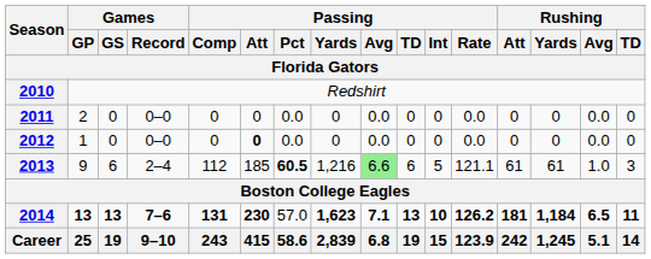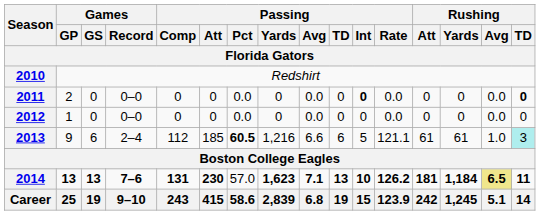 <table class="wikitable" style="text-align:center;">
 <tr>
 <th rowspan="2">Season</th>
 <th colspan="3">Games</th>
 <th colspan="8">Passing</th>
 <th colspan="5">Rushing</th>
 </tr>
 <tr>
 <th>GP</th>
 <th>GS</th>
 <th>Record</th>
 <th>Comp</th>
 <th>Att</th>
 <th>Pct</th>
 <th>Yards</th>
 <th>Avg</th>
 <th>TD</th>
 <th>Int</th>
 <th>Rate</th>
 <th>Att</th>
 <th>Yards</th>
 <th>Avg</th>
 <th>TD</th>
 </tr>
 <tr>
 <th colspan="17">Florida Gators</th>
 </tr>
 <tr>
 <th><a href='#'>2010</a></th>
 <td colspan="15"><em>Redshirt </em></td>
 </tr>
 <tr>
 <th><a href='#'>2011</a></th>
 <td>2</td>
 <td>0</td>
 <td>0–0</td>
 <td>0</td>
 <td>0</td>
 <td>0.0</td>
 <td>0</td>
 <td>0.0</td>
 <td>0</td>
-<td>0</td>
+<td><strong>0</strong></td>
 <td>0.0</td>
 <td>0</td>
 <td>0</td>
 <td>0.0</td>
-<td>0</td>
+<td><strong>0</strong></td>
 </tr>
 <tr>
 <th><a href='#'>2012</a></th>
 <td>1</td>
 <td>0</td>
 <td>0–0</td>
 <td>0</td>
-<td><strong>0</strong></td>
+<td>0</td>
 <td>0.0</td>
 <td>0</td>
 <td>0.0</td>
 <td>0</td>
 <td>0</td>
 <td>0.0</td>
 <td>0</td>
 <td>0</td>
 <td>0.0</td>
 <td>0</td>
 </tr>
 <tr>
 <th><a href='#'>2013</a></th>
 <td>9</td>
 <td>6</td>
 <td>2–4</td>
 <td>112</td>
 <td>185</td>
 <td><strong>60.5</strong></td>
 <td>1,216</td>
-<td style="background: lightgreen;">6.6</td>
+<td>6.6</td>
 <td>6</td>
 <td>5</td>
 <td>121.1</td>
 <td>61</td>
 <td>61</td>
 <td>1.0</td>
-<td>3</td>
+<td style="background: paleturquoise;">3</td>
 </tr>
 <tr>
 <th colspan="17">Boston College Eagles</th>
 </tr>
 <tr>
 <th><a href='#'>2014</a></th>
 <td><strong>13</strong></td>
 <td><strong>13</strong></td>
 <td><strong>7–6</strong></td>
 <td><strong>131</strong></td>
 <td><strong>230</strong></td>
 <td>57.0</td>
 <td><strong>1,623</strong></td>
 <td><strong>7.1</strong></td>
 <td><strong>13</strong></td>
 <td><strong>10</strong></td>
 <td><strong>126.2</strong></td>
 <td><strong>181</strong></td>
 <td><strong>1,184</strong></td>
-<td><strong>6.5</strong></td>
+<td style="background: khaki;"><strong>6.5</strong></td>
 <td><strong>11</strong></td>
 </tr>
 <tr>
 <th>Career</th>
 <th>25</th>
 <th>19</th>
 <th>9–10</th>
 <th>243</th>
 <th>415</th>
 <th>58.6</th>
 <th>2,839</th>
 <th>6.8</th>
 <th>19</th>
 <th>15</th>
 <th>123.9</th>
 <th>242</th>
 <th>1,245</th>
 <th>5.1</th>
 <th>14</th>
 </tr>
 </table>
